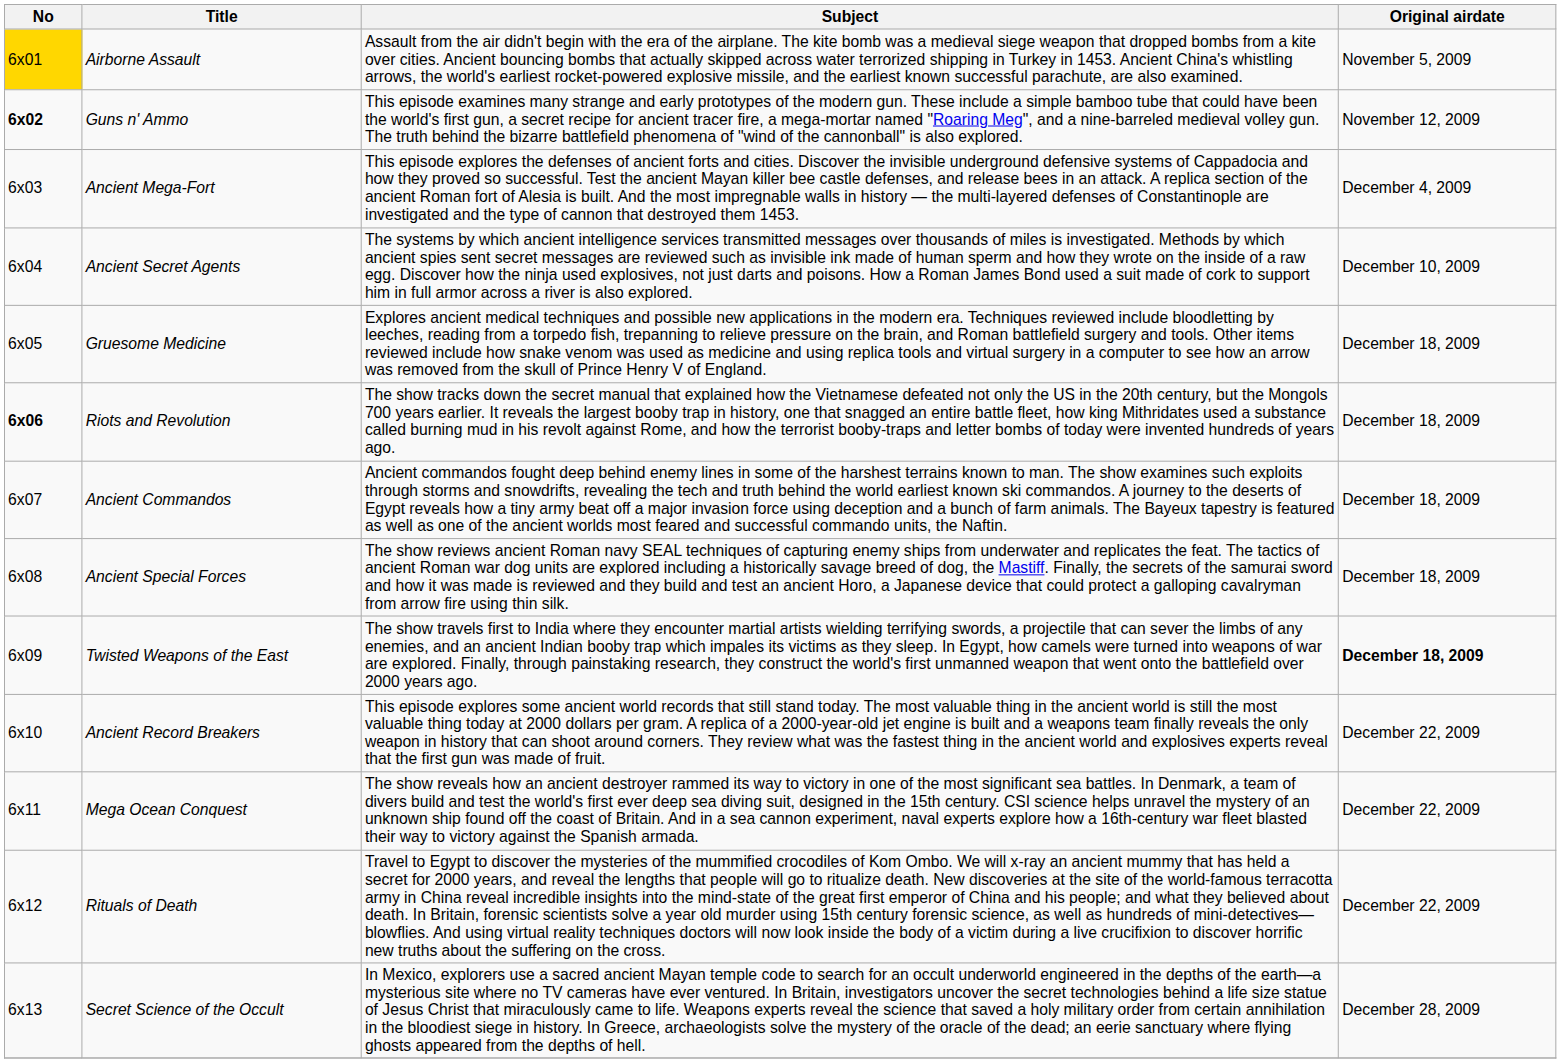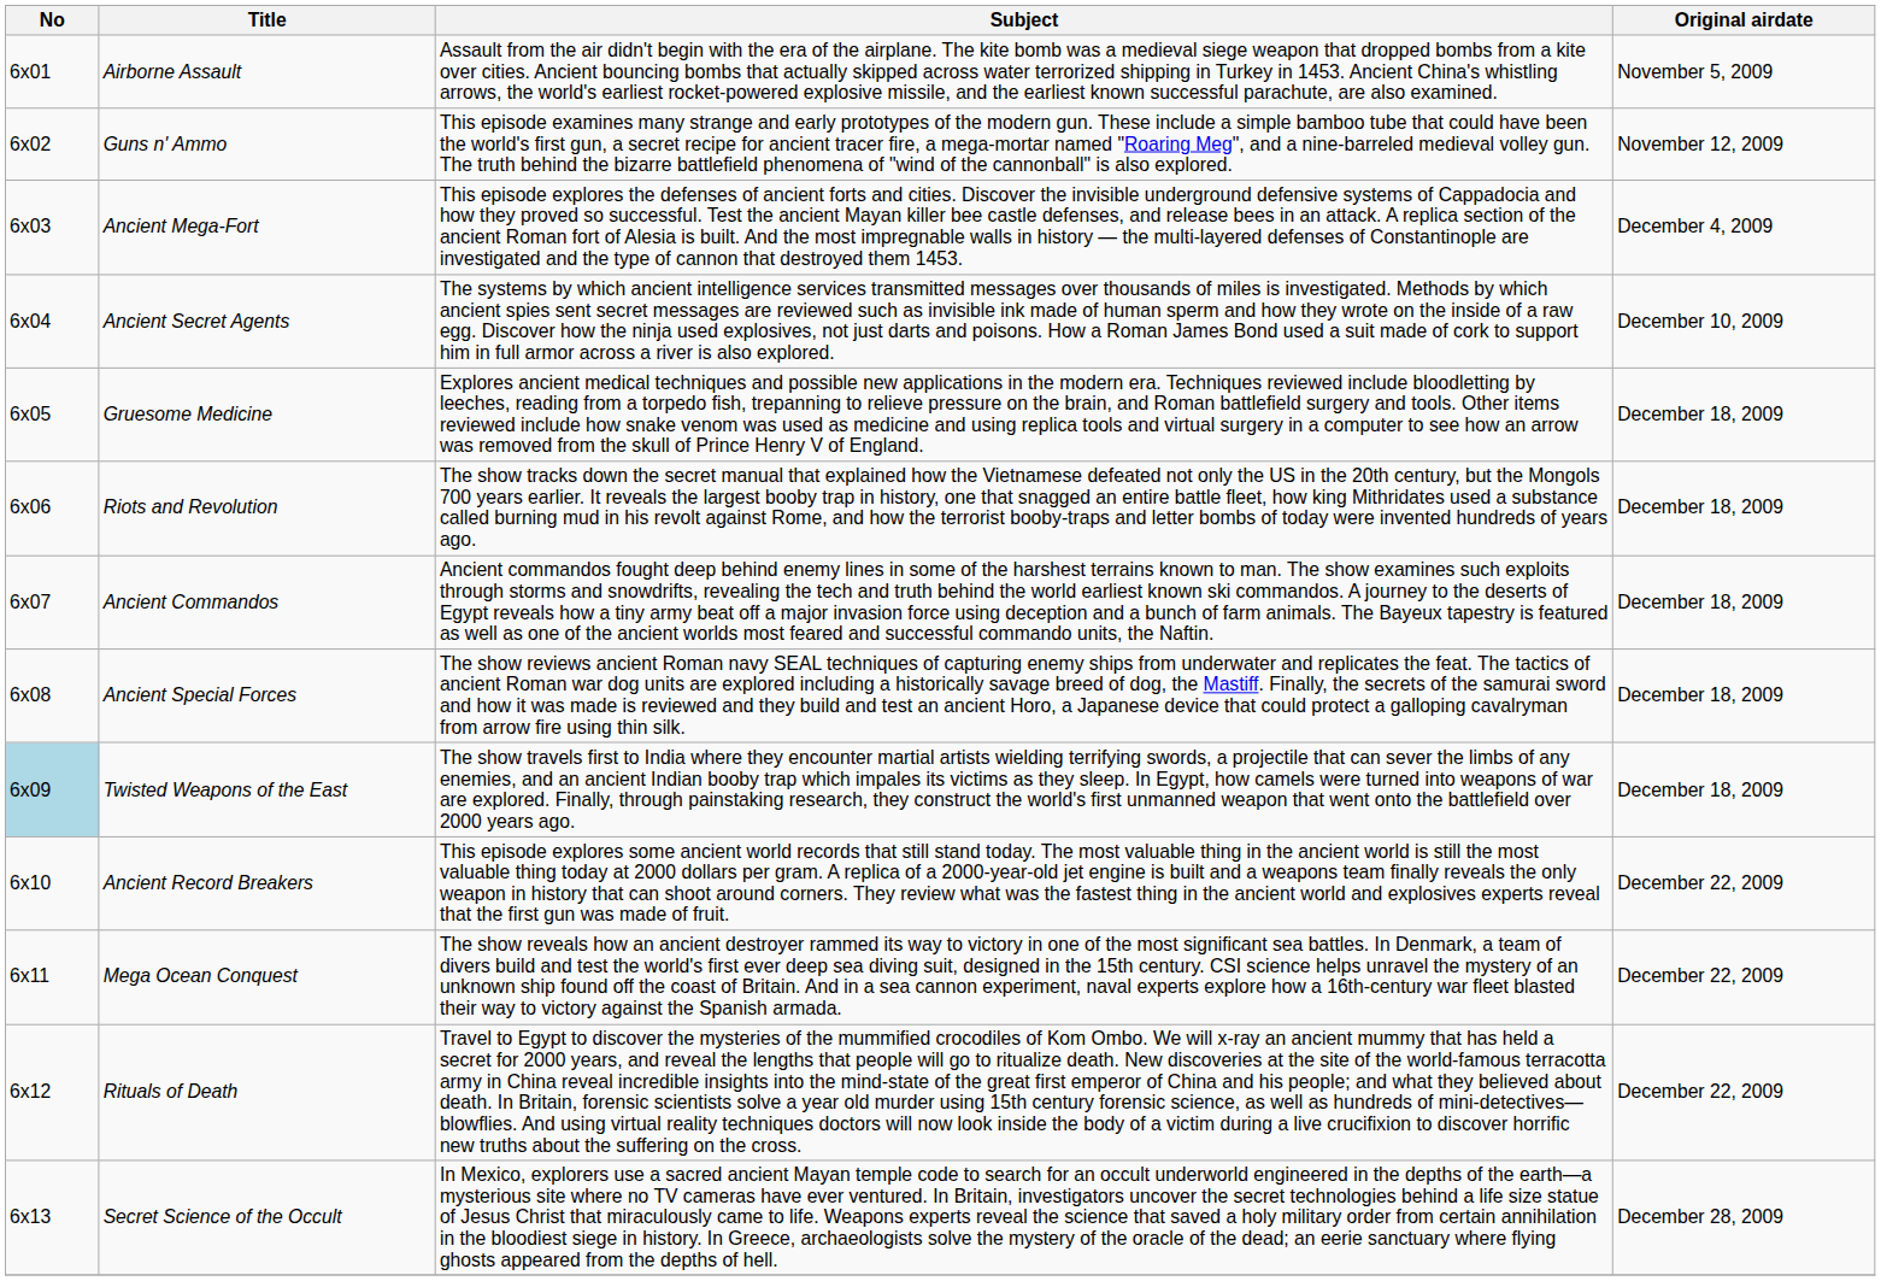 <table class="wikitable" width=100%>
 <tr>
 <th width=5%>No</th>
 <th width=18%>Title</th>
 <th width=63%>Subject</th>
 <th width=14%>Original airdate</th>
 </tr>
 <tr>
-<td style="background: gold;">6x01</td>
+<td>6x01</td>
 <td><em>Airborne Assault</em></td>
 <td>Assault from the air didn't begin with the era of the airplane. The kite bomb was a medieval siege weapon that dropped bombs from a kite over cities. Ancient bouncing bombs that actually skipped across water terrorized shipping in Turkey in 1453. Ancient China's whistling arrows, the world's earliest rocket-powered explosive missile, and the earliest known successful parachute, are also examined.</td>
 <td>November 5, 2009</td>
 </tr>
 <tr>
-<td><strong>6x02</strong></td>
+<td>6x02</td>
 <td><em>Guns n' Ammo</em></td>
 <td>This episode examines many strange and early prototypes of the modern gun. These include a simple bamboo tube that could have been the world's first gun, a secret recipe for ancient tracer fire, a mega-mortar named "<a href='#'>Roaring Meg</a>", and a nine-barreled medieval volley gun. The truth behind the bizarre battlefield phenomena of "wind of the cannonball" is also explored.</td>
 <td>November 12, 2009</td>
 </tr>
 <tr>
 <td>6x03</td>
 <td><em>Ancient Mega-Fort</em></td>
 <td>This episode explores the defenses of ancient forts and cities. Discover the invisible underground defensive systems of Cappadocia and how they proved so successful. Test the ancient Mayan killer bee castle defenses, and release bees in an attack. A replica section of the ancient Roman fort of Alesia is built. And the most impregnable walls in history — the multi-layered defenses of Constantinople are investigated and the type of cannon that destroyed them 1453.</td>
 <td>December 4, 2009</td>
 </tr>
 <tr>
 <td>6x04</td>
 <td><em>Ancient Secret Agents</em></td>
 <td>The systems by which ancient intelligence services transmitted messages over thousands of miles is investigated. Methods by which ancient spies sent secret messages are reviewed such as invisible ink made of human sperm and how they wrote on the inside of a raw egg. Discover how the ninja used explosives, not just darts and poisons. How a Roman James Bond used a suit made of cork to support him in full armor across a river is also explored.</td>
 <td>December 10, 2009</td>
 </tr>
 <tr>
 <td>6x05</td>
 <td><em>Gruesome Medicine</em></td>
 <td>Explores ancient medical techniques and possible new applications in the modern era. Techniques reviewed include bloodletting by leeches, reading from a torpedo fish, trepanning to relieve pressure on the brain, and Roman battlefield surgery and tools. Other items reviewed include how snake venom was used as medicine and using replica tools and virtual surgery in a computer to see how an arrow was removed from the skull of Prince Henry V of England.</td>
 <td>December 18, 2009</td>
 </tr>
 <tr>
-<td><strong>6x06</strong></td>
+<td>6x06</td>
 <td><em>Riots and Revolution</em></td>
 <td>The show tracks down the secret manual that explained how the Vietnamese defeated not only the US in the 20th century, but the Mongols 700 years earlier. It reveals the largest booby trap in history, one that snagged an entire battle fleet, how king Mithridates used a substance called burning mud in his revolt against Rome, and how the terrorist booby-traps and letter bombs of today were invented hundreds of years ago.</td>
 <td>December 18, 2009</td>
 </tr>
 <tr>
 <td>6x07</td>
 <td><em>Ancient Commandos</em></td>
 <td>Ancient commandos fought deep behind enemy lines in some of the harshest terrains known to man. The show examines such exploits through storms and snowdrifts, revealing the tech and truth behind the world earliest known ski commandos. A journey to the deserts of Egypt reveals how a tiny army beat off a major invasion force using deception and a bunch of farm animals. The Bayeux tapestry is featured as well as one of the ancient worlds most feared and successful commando units, the Naftin.</td>
 <td>December 18, 2009</td>
 </tr>
 <tr>
 <td>6x08</td>
 <td><em>Ancient Special Forces</em></td>
 <td>The show reviews ancient Roman navy SEAL techniques of capturing enemy ships from underwater and replicates the feat. The tactics of ancient Roman war dog units are explored including a historically savage breed of dog, the <a href='#'>Mastiff</a>. Finally, the secrets of the samurai sword and how it was made is reviewed and they build and test an ancient Horo, a Japanese device that could protect a galloping cavalryman from arrow fire using thin silk.</td>
 <td>December 18, 2009</td>
 </tr>
 <tr>
-<td>6x09</td>
+<td style="background: lightblue;">6x09</td>
 <td><em>Twisted Weapons of the East</em></td>
 <td>The show travels first to India where they encounter martial artists wielding terrifying  swords, a projectile that can sever the limbs of any enemies, and an ancient Indian booby trap which impales its victims as they sleep. In Egypt, how camels were turned into weapons of war are explored. Finally, through painstaking research, they construct the world's first unmanned weapon that went onto the battlefield over 2000 years ago.</td>
-<td><strong>December 18, 2009</strong></td>
+<td>December 18, 2009</td>
 </tr>
 <tr>
 <td>6x10</td>
 <td><em>Ancient Record Breakers</em></td>
 <td>This episode explores some ancient world records that still stand today. The most valuable thing in the ancient world is still the most valuable thing today at 2000 dollars per gram. A replica of a 2000-year-old jet engine is built and a weapons team finally reveals the only weapon in history that can shoot around corners. They review what was the fastest thing in the ancient world and explosives experts reveal that the first gun was made of fruit.</td>
 <td>December 22, 2009</td>
 </tr>
 <tr>
 <td>6x11</td>
 <td><em>Mega Ocean Conquest</em></td>
 <td>The show reveals how an ancient destroyer rammed its way to victory in one of the most significant sea battles. In Denmark, a team of divers build and test the world's first ever deep sea diving suit, designed in the 15th century. CSI science helps unravel the mystery of an unknown ship found off the coast of Britain. And in a sea cannon experiment, naval experts explore how a 16th-century war fleet blasted their way to victory against the Spanish armada.</td>
 <td>December 22, 2009</td>
 </tr>
 <tr>
 <td>6x12</td>
 <td><em>Rituals of Death</em></td>
 <td>Travel to Egypt to discover the mysteries of the mummified crocodiles of Kom Ombo. We will x-ray an ancient mummy that has held a secret for 2000 years, and reveal the lengths that people will go to ritualize death. New discoveries at the site of the world-famous terracotta army in China reveal incredible insights into the mind-state of the great first emperor of China and his people; and what they believed about death. In Britain, forensic scientists solve a year old murder using 15th century forensic science, as well as hundreds of mini-detectives—blowflies. And using virtual reality techniques doctors will now look inside the body of a victim during a live crucifixion to discover horrific new truths about the suffering on the cross.</td>
 <td>December 22, 2009</td>
 </tr>
 <tr>
 <td>6x13</td>
 <td><em>Secret Science of the Occult</em></td>
 <td>In Mexico, explorers use a sacred ancient Mayan temple code to search for an occult underworld engineered in the depths of the earth—a mysterious site where no TV cameras have ever ventured. In Britain, investigators uncover the secret technologies behind a life size statue of Jesus Christ that miraculously came to life. Weapons experts reveal the science that saved a holy military order from certain annihilation in the bloodiest siege in history. In Greece, archaeologists solve the mystery of the oracle of the dead; an eerie sanctuary where flying ghosts appeared from the depths of hell.</td>
 <td>December 28, 2009</td>
 </tr>
 <tr>
 </tr>
 </table>
